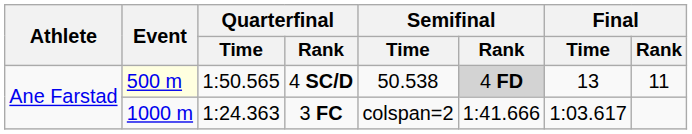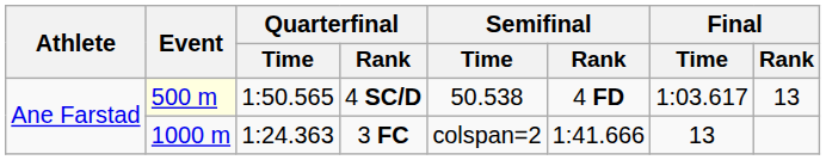 <table class="wikitable" style="font-size:90%">
 <tr>
 <th rowspan=2>Athlete</th>
 <th rowspan=2>Event</th>
 <th colspan=2>Quarterfinal</th>
 <th colspan=2>Semifinal</th>
 <th colspan=2>Final</th>
 </tr>
 <tr style="font-size:95%">
 <th>Time</th>
 <th>Rank</th>
 <th>Time</th>
 <th>Rank</th>
 <th>Time</th>
 <th>Rank</th>
 </tr>
 <tr align=center>
 <td align=left rowspan=2><a href='#'>Ane Farstad</a></td>
 <td align=left style="background: lightyellow;"><a href='#'>500 m</a></td>
 <td>1:50.565</td>
 <td>4 <strong>SC/D</strong></td>
 <td>50.538</td>
-<td style="background: lightgrey;">4 <strong>FD</strong></td>
+<td>4 <strong>FD</strong></td>
+<td>1:03.617</td>
 <td>13</td>
-<td>11</td>
 </tr>
 <tr align=center>
 <td align=left><a href='#'>1000 m</a></td>
 <td>1:24.363</td>
 <td>3 <strong>FC</strong></td>
 <td>colspan=2 </td>
 <td>1:41.666</td>
-<td>1:03.617</td>
+<td>13</td>
 </tr>
 </table>
